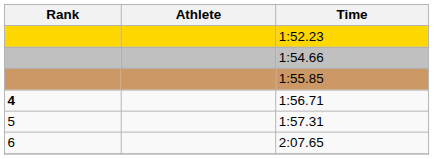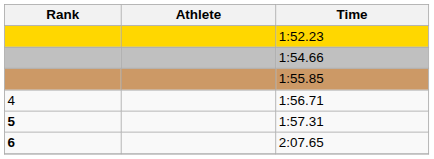 <table class="wikitable" width=40%>
 <tr>
 <th>Rank</th>
 <th>Athlete</th>
 <th>Time</th>
 </tr>
 <tr bgcolor=gold>
 <td></td>
 <td></td>
 <td>1:52.23</td>
 </tr>
 <tr bgcolor=silver>
 <td></td>
 <td></td>
 <td>1:54.66</td>
 </tr>
 <tr bgcolor=cc9966>
 <td></td>
 <td></td>
 <td>1:55.85</td>
 </tr>
 <tr>
-<td><strong>4</strong></td>
+<td>4</td>
 <td></td>
 <td>1:56.71</td>
 </tr>
 <tr>
-<td>5</td>
+<td><strong>5</strong></td>
 <td></td>
 <td>1:57.31</td>
 </tr>
 <tr>
-<td>6</td>
+<td><strong>6</strong></td>
 <td></td>
 <td>2:07.65</td>
 </tr>
 <tr>
 </tr>
 </table>
